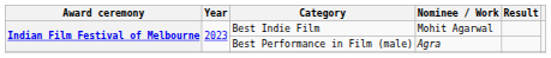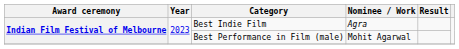 <table class="wikitable plainrowheaders sortable">
 <tr>
 <th scope="col">Award ceremony </th>
 <th scope="col">Year</th>
 <th scope="col">Category </th>
 <th scope="col">Nominee / Work</th>
 <th scope="col">Result</th>
 <th scope="col" class="unsortable"></th>
 </tr>
 <tr>
 <th rowspan="2" scope="row"><a href='#'>Indian Film Festival of Melbourne</a></th>
 <td rowspan="2" style="text-align:center"><a href='#'>2023</a></td>
 <td>Best Indie Film</td>
-<td>Mohit Agarwal</td>
+<td><em>Agra</em></td>
 <td></td>
 <td rowspan="2" style="text-align:center"></td>
 </tr>
 <tr>
 <td>Best Performance in Film (male)</td>
-<td><em>Agra</em></td>
+<td>Mohit Agarwal</td>
 <td></td>
 </tr>
 <tr>
 </tr>
 </table>
